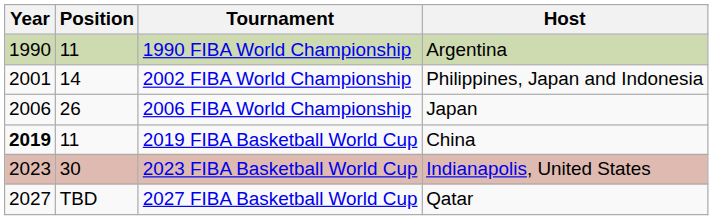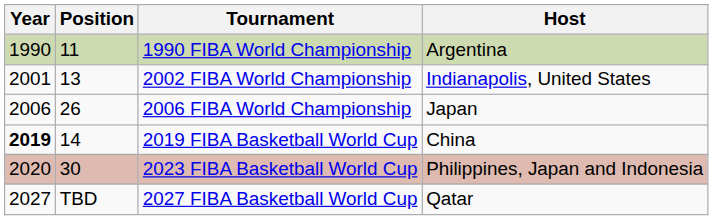 <table class="wikitable">
 <tr>
 <th>Year</th>
 <th>Position</th>
 <th>Tournament</th>
 <th>Host</th>
 </tr>
 <tr style="background:#cedab0;">
 <td>1990</td>
 <td>11</td>
 <td><a href='#'>1990 FIBA World Championship</a></td>
 <td>Argentina</td>
 </tr>
 <tr style="background:">
 <td>2001</td>
-<td>14</td>
+<td>13</td>
 <td><a href='#'>2002 FIBA World Championship</a></td>
-<td>Philippines, Japan and Indonesia</td>
+<td><a href='#'>Indianapolis</a>, United States</td>
 </tr>
 <tr>
 <td>2006</td>
 <td>26</td>
 <td><a href='#'>2006 FIBA World Championship</a></td>
 <td>Japan</td>
 </tr>
 <tr>
 <td><strong>2019</strong></td>
-<td>11</td>
+<td>14</td>
 <td><a href='#'>2019 FIBA Basketball World Cup</a></td>
 <td>China</td>
 </tr>
 <tr style="background:#DEBAB0">
-<td>2023</td>
+<td>2020</td>
 <td>30</td>
 <td><a href='#'>2023 FIBA Basketball World Cup</a></td>
-<td><a href='#'>Indianapolis</a>, United States</td>
+<td>Philippines, Japan and Indonesia</td>
 </tr>
 <tr>
 <td>2027</td>
 <td>TBD</td>
 <td><a href='#'>2027 FIBA Basketball World Cup</a></td>
 <td>Qatar</td>
 </tr>
 </table>
